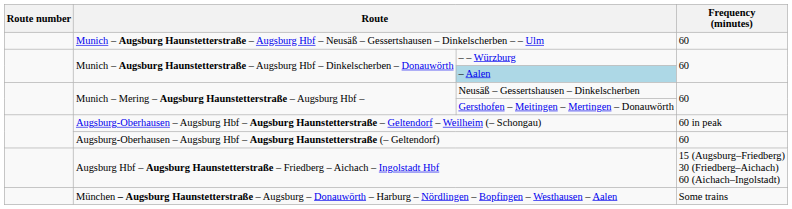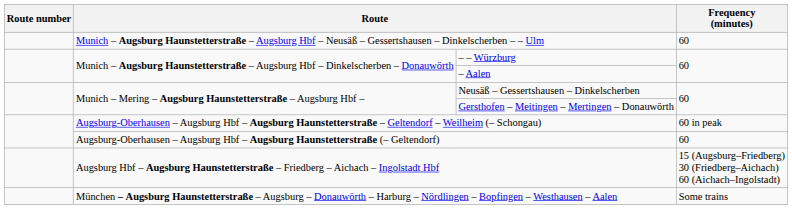 <table class="wikitable">
 <tr>
 <th>Route number</th>
 <th colspan="2">Route</th>
 <th>Frequency<br>(minutes)</th>
 </tr>
 <tr>
 <td align="center"></td>
 <td colspan="2"><a href='#'>Munich</a> – <strong>Augsburg Haunstetterstraße</strong> – <a href='#'>Augsburg Hbf</a> – Neusäß – Gessertshausen – Dinkelscherben –  – <a href='#'>Ulm</a></td>
 <td>60</td>
 </tr>
 <tr>
 <td rowspan="2" align="center"><br></td>
 <td rowspan="2">Munich – <strong>Augsburg Haunstetterstraße</strong> – Augsburg Hbf – Dinkelscherben – <a href='#'>Donauwörth</a></td>
 <td> –  – <a href='#'>Würzburg</a></td>
 <td rowspan="2">60</td>
 </tr>
 <tr>
-<td style="background: lightblue;"> – <a href='#'>Aalen</a></td>
+<td> – <a href='#'>Aalen</a></td>
 </tr>
 <tr>
 <td rowspan="2" align="center"><br></td>
 <td rowspan="2">Munich – Mering – <strong>Augsburg Haunstetterstraße</strong> – Augsburg Hbf –</td>
 <td>Neusäß – Gessertshausen – Dinkelscherben</td>
 <td rowspan="2">60</td>
 </tr>
 <tr>
 <td><a href='#'>Gersthofen</a> – <a href='#'>Meitingen</a> – <a href='#'>Mertingen</a> – Donauwörth</td>
 </tr>
 <tr>
 <td rowspan="2" align="center"></td>
 <td colspan="2"><a href='#'>Augsburg-Oberhausen</a> – Augsburg Hbf – <strong>Augsburg Haunstetterstraße</strong> – <a href='#'>Geltendorf</a> – <a href='#'>Weilheim</a> (– Schongau)</td>
 <td>60 in peak</td>
 </tr>
 <tr>
 <td colspan="2">Augsburg-Oberhausen – Augsburg Hbf – <strong>Augsburg Haunstetterstraße</strong> (– Geltendorf)</td>
 <td>60</td>
 </tr>
 <tr>
 <td align="center"></td>
 <td colspan="2">Augsburg Hbf – <strong>Augsburg Haunstetterstraße</strong> – Friedberg – Aichach – <a href='#'>Ingolstadt Hbf</a></td>
 <td>15 (Augsburg–Friedberg) <br>30 (Friedberg–Aichach)<br>60 (Aichach–Ingolstadt)</td>
 </tr>
 <tr>
 <td align="center"></td>
 <td colspan="2">München <strong>–</strong> <strong>Augsburg Haunstetterstraße</strong> – Augsburg – <a href='#'>Donauwörth</a>  – Harburg – <a href='#'>Nördlingen</a> – <a href='#'>Bopfingen</a> – <a href='#'>Westhausen</a> – <a href='#'>Aalen</a></td>
 <td>Some trains</td>
 </tr>
 </table>
